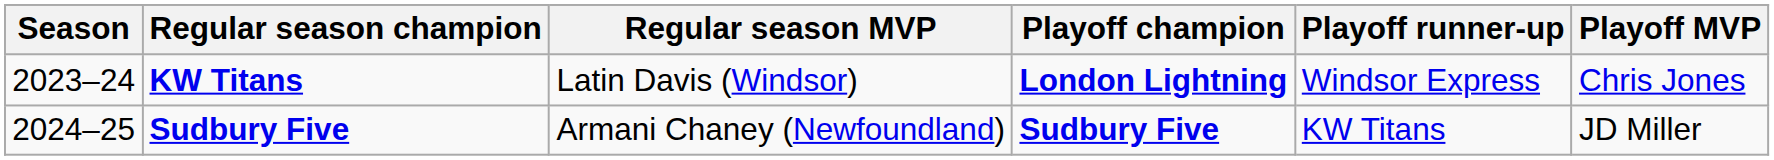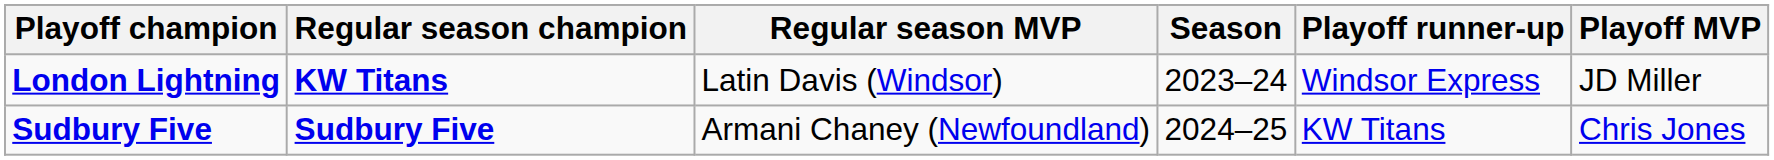 <table class="wikitable">
 <tr>
-<th scope="col">Season</th>
+<th scope="col">Playoff champion</th>
 <th scope="col">Regular season champion</th>
 <th scope="col">Regular season MVP</th>
-<th scope="col">Playoff champion</th>
+<th scope="col">Season</th>
 <th scope="col">Playoff runner-up</th>
 <th scope="col">Playoff MVP</th>
 </tr>
 <tr>
-<td scope="row">2023–24</td>
+<td><strong><a href='#'>London Lightning</a></strong></td>
 <td><strong><a href='#'>KW Titans</a></strong></td>
 <td>Latin Davis (<a href='#'>Windsor</a>)</td>
-<td><strong><a href='#'>London Lightning</a></strong></td>
+<td scope="row">2023–24</td>
 <td><a href='#'>Windsor Express</a></td>
+<td>JD Miller</td>
+</tr>
+<tr>
+<td><strong><a href='#'>Sudbury Five</a></strong></td>
+<td><strong><a href='#'>Sudbury Five</a></strong></td>
+<td>Armani Chaney (<a href='#'>Newfoundland</a>)</td>
+<td scope="row">2024–25</td>
+<td><a href='#'>KW Titans</a></td>
 <td><a href='#'>Chris Jones</a></td>
 </tr>
-<tr>
-<td scope="row">2024–25</td>
-<td><strong><a href='#'>Sudbury Five</a></strong></td>
-<td>Armani Chaney (<a href='#'>Newfoundland</a>)</td>
-<td><strong><a href='#'>Sudbury Five</a></strong></td>
-<td><a href='#'>KW Titans</a></td>
-<td>JD Miller</td>
-</tr>
 </table>
